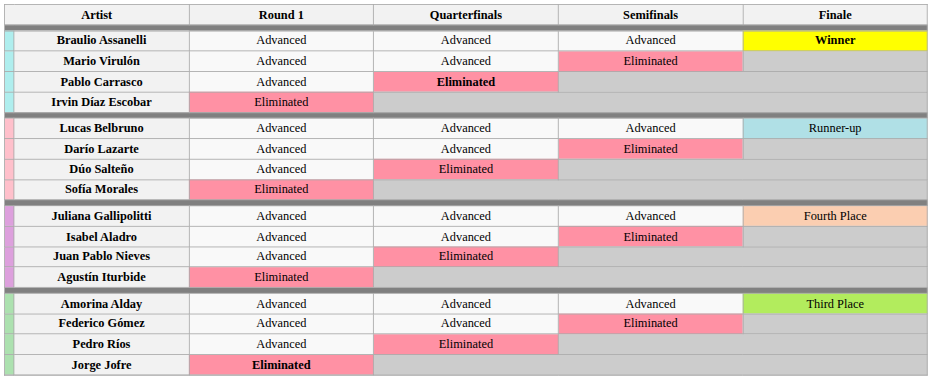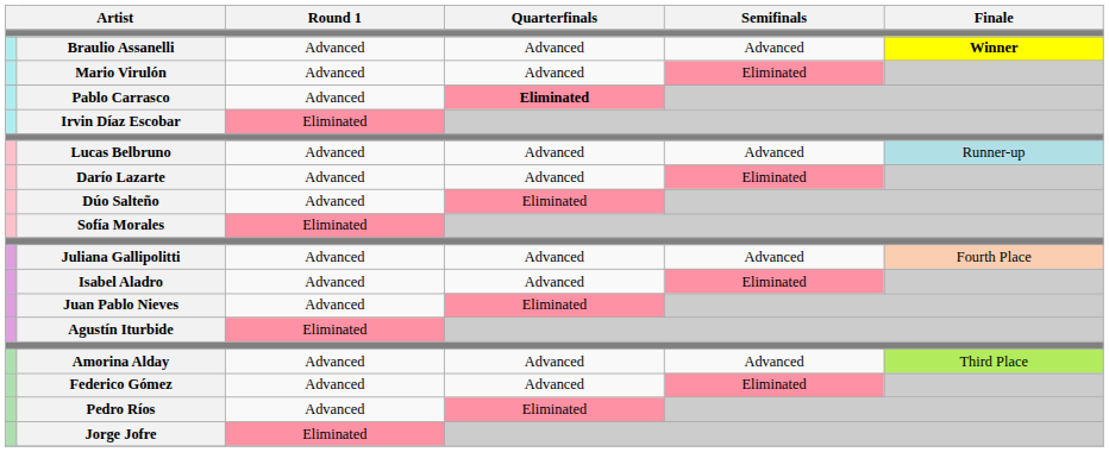 <table class="wikitable"  style="font-size:90%; text-align:center; width:85%;">
 <tr>
 <th colspan="2" style="width:14%;">Artist</th>
 <th style="width:14%;">Round 1</th>
 <th style="width:14%;">Quarterfinals</th>
 <th style="width:14%;">Semifinals</th>
 <th style="width:14%;">Finale</th>
 </tr>
 <tr>
 <th colspan="6" style="background:gray;"></th>
 </tr>
 <tr>
 <th style="background:#afeeee"></th>
 <th>Braulio Assanelli</th>
 <td>Advanced</td>
 <td>Advanced</td>
 <td>Advanced</td>
 <td style="background:yellow;"><strong>Winner</strong></td>
 </tr>
 <tr>
 <th style="background:#afeeee"></th>
 <th>Mario Virulón</th>
 <td>Advanced</td>
 <td>Advanced</td>
 <td style="background:#FF91A4;">Eliminated</td>
 <td style="background:#ccc;"></td>
 </tr>
 <tr>
 <th style="background:#afeeee"></th>
 <th>Pablo Carrasco</th>
 <td>Advanced</td>
 <td style="background:#FF91A4;"><strong>Eliminated</strong></td>
 <td colspan="2" style="background:#ccc;"></td>
 </tr>
 <tr>
 <th style="background:#afeeee"></th>
 <th>Irvin Díaz Escobar</th>
 <td style="background:#FF91A4;">Eliminated</td>
 <td colspan="3" style="background:#ccc;"></td>
 </tr>
 <tr>
 <th colspan="6" style="background:gray;"></th>
 </tr>
 <tr>
 <th style="background:#FFC0CB;"></th>
 <th>Lucas Belbruno</th>
 <td>Advanced</td>
 <td>Advanced</td>
 <td>Advanced</td>
 <td style="background:#b0e0e6;">Runner-up</td>
 </tr>
 <tr>
 <th style="background:#FFC0CB;"></th>
 <th>Darío Lazarte</th>
 <td>Advanced</td>
 <td>Advanced</td>
 <td style="background:#FF91A4;">Eliminated</td>
 <td style="background:#ccc;"></td>
 </tr>
 <tr>
 <th style="background:#FFC0CB;"></th>
 <th>Dúo Salteño</th>
 <td>Advanced</td>
 <td style="background:#FF91A4;">Eliminated</td>
 <td colspan="2" style="background:#ccc;"></td>
 </tr>
 <tr>
 <th style="background:#FFC0CB;"></th>
 <th>Sofía Morales</th>
 <td style="background:#FF91A4;">Eliminated</td>
 <td colspan="3" style="background:#ccc;"></td>
 </tr>
 <tr>
 <th colspan="6" style="background:gray;"></th>
 </tr>
 <tr>
 <th style="background:#dda0dd;"></th>
 <th>Juliana Gallipolitti</th>
 <td>Advanced</td>
 <td>Advanced</td>
 <td>Advanced</td>
 <td style="background:#fbceb1;">Fourth Place</td>
 </tr>
 <tr>
 <th style="background:#dda0dd;"></th>
 <th>Isabel Aladro</th>
 <td>Advanced</td>
 <td>Advanced</td>
 <td style="background:#FF91A4;">Eliminated</td>
 <td colspan="2" style="background:#ccc;"></td>
 </tr>
 <tr>
 <th style="background:#dda0dd;"></th>
 <th>Juan Pablo Nieves</th>
 <td>Advanced</td>
 <td style="background:#FF91A4;">Eliminated</td>
 <td colspan="2" style="background:#ccc;"></td>
 </tr>
 <tr>
 <th style="background:#dda0dd;"></th>
 <th>Agustín Iturbide</th>
 <td style="background:#FF91A4;">Eliminated</td>
 <td colspan="3" style="background:#ccc;"></td>
 </tr>
 <tr>
 <th colspan="6" style="background:gray;"></th>
 </tr>
 <tr>
 <th style="background:#ace1af;"></th>
 <th>Amorina Alday</th>
 <td>Advanced</td>
 <td>Advanced</td>
 <td>Advanced</td>
 <td style="background:#b2ec5d;">Third Place</td>
 </tr>
 <tr>
 <th style="background:#ace1af;"></th>
 <th>Federico Gómez</th>
 <td>Advanced</td>
 <td>Advanced</td>
 <td style="background:#FF91A4;">Eliminated</td>
 <td style="background:#ccc;"></td>
 </tr>
 <tr>
 <th style="background:#ace1af;"></th>
 <th>Pedro Ríos</th>
 <td>Advanced</td>
 <td style="background:#FF91A4;">Eliminated</td>
 <td colspan="2" style="background:#ccc;"></td>
 </tr>
 <tr>
 <th style="background:#ace1af;"></th>
 <th>Jorge Jofre</th>
-<td style="background:#FF91A4;"><strong>Eliminated</strong></td>
+<td style="background:#FF91A4;">Eliminated</td>
 <td colspan="3" style="background:#ccc;"></td>
 </tr>
 <tr>
 </tr>
 </table>
